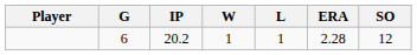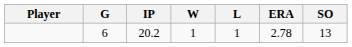 <table class="wikitable sortable">
 <tr>
 <th bgcolor="#DDDDFF" width="16%">Player</th>
 <th bgcolor="#DDDDFF" width="9%">G</th>
 <th bgcolor="#DDDDFF" width="9%">IP</th>
 <th bgcolor="#DDDDFF" width="9%">W</th>
 <th bgcolor="#DDDDFF" width="9%">L</th>
 <th bgcolor="#DDDDFF" width="9%">ERA</th>
 <th bgcolor="#DDDDFF" width="9%">SO</th>
 </tr>
 <tr align="center">
 <td></td>
 <td>6</td>
 <td>20.2</td>
 <td>1</td>
 <td>1</td>
-<td>2.28</td>
-<td>12</td>
+<td>2.78</td>
+<td>13</td>
 </tr>
 </table>
